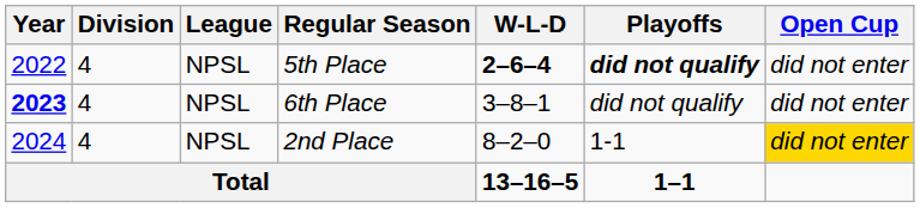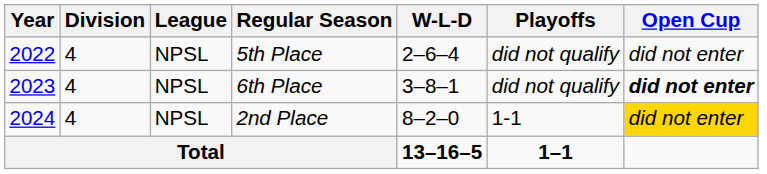 <table class="wikitable">
 <tr>
 <th>Year</th>
 <th>Division</th>
 <th>League</th>
 <th>Regular Season</th>
 <th>W-L-D</th>
 <th>Playoffs</th>
 <th><a href='#'>Open Cup</a></th>
 </tr>
 <tr>
 <td><a href='#'>2022</a></td>
 <td>4</td>
 <td>NPSL</td>
 <td><em>5th Place</em></td>
-<td><strong>2–6–4</strong></td>
-<td><strong><em>did not qualify</em></strong></td>
+<td>2–6–4</td>
+<td><em>did not qualify</em></td>
 <td><em>did not enter</em></td>
 </tr>
 <tr>
-<td><strong><a href='#'>2023</a></strong></td>
+<td><a href='#'>2023</a></td>
 <td>4</td>
 <td>NPSL</td>
 <td><em>6th Place</em></td>
 <td>3–8–1</td>
 <td><em>did not qualify</em></td>
-<td><em>did not enter</em></td>
+<td><strong><em>did not enter</em></strong></td>
 </tr>
 <tr>
 <td><a href='#'>2024</a></td>
 <td>4</td>
 <td>NPSL</td>
 <td><em>2nd Place</em></td>
 <td>8–2–0</td>
 <td>1-1</td>
 <td style="background: gold;"><em>did not enter</em></td>
 </tr>
 <tr>
 <th align="center" rowSpan="1" colSpan="4">Total</th>
 <td><strong>13–16–5</strong></td>
 <td align="center"><strong>1–1</strong></td>
 <td><strong><br></strong></td>
 </tr>
 </table>
